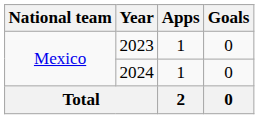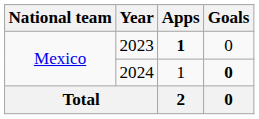 <table class="wikitable" style="text-align:center">
 <tr>
 <th>National team</th>
 <th>Year</th>
 <th>Apps</th>
 <th>Goals</th>
 </tr>
 <tr>
 <td rowspan="2"><a href='#'>Mexico</a></td>
 <td>2023</td>
-<td>1</td>
+<td><strong>1</strong></td>
 <td>0</td>
 </tr>
 <tr>
 <td>2024</td>
 <td>1</td>
-<td>0</td>
+<td><strong>0</strong></td>
 </tr>
 <tr>
 <th colspan="2">Total</th>
 <th>2</th>
 <th>0</th>
 </tr>
 </table>
